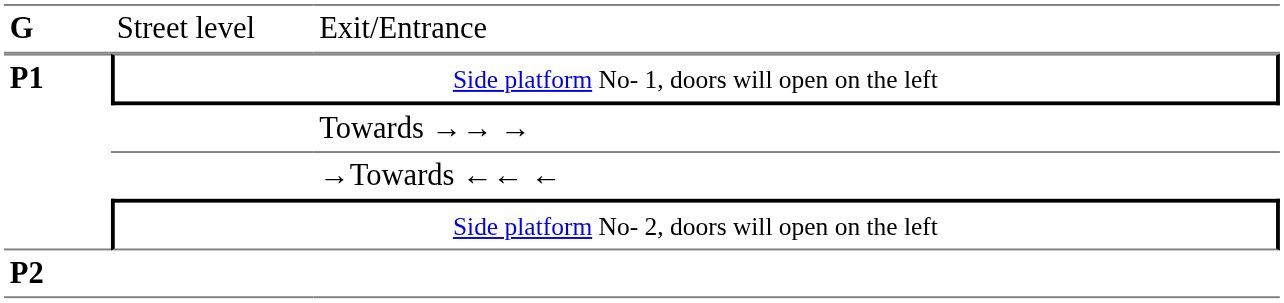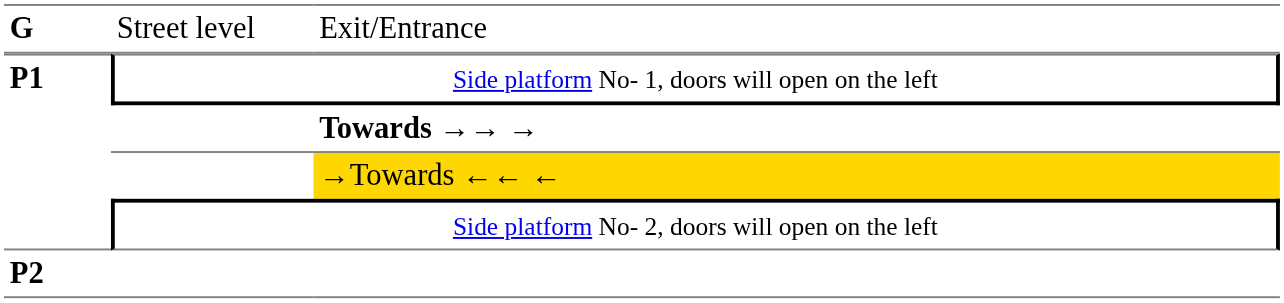 <table table border=0 cellspacing=0 cellpadding=3>
 <tr>
 <td style="border-bottom:solid 1px gray;border-top:solid 1px gray;" width=50 valign=top><strong>G</strong></td>
 <td style="border-top:solid 1px gray;border-bottom:solid 1px gray;" width=100 valign=top>Street level</td>
 <td style="border-top:solid 1px gray;border-bottom:solid 1px gray;" width=500 valign=top>Exit/Entrance</td>
 </tr>
 <tr>
 <td style="border-top:solid 1px gray;border-bottom:solid 1px gray;" width=50 rowspan=4 valign=top><strong>P1</strong></td>
 <td style="border-top:solid 1px gray;border-right:solid 2px black;border-left:solid 2px black;border-bottom:solid 2px black;text-align:center;" colspan=2><small><a href='#'>Side platform</a> No- 1, doors will open on the left </small></td>
 </tr>
 <tr>
 <td style="border-bottom:solid 1px gray;" width=100></td>
-<td style="border-bottom:solid 1px gray;" width=500>Towards →→ →</td>
+<td style="border-bottom:solid 1px gray;" width=500><strong>Towards →→ →</strong></td>
 </tr>
 <tr>
 <td></td>
-<td><span>→</span>Towards ←← ←</td>
+<td style="background: gold;"><span>→</span>Towards ←← ←</td>
 </tr>
 <tr>
 <td style="border-top:solid 2px black;border-right:solid 2px black;border-left:solid 2px black;border-bottom:solid 1px gray;text-align:center;" colspan=2><small><a href='#'>Side platform</a> No- 2, doors will open on the left </small></td>
 </tr>
 <tr>
 <td style="border-bottom:solid 1px gray;" width=50 rowspan=2 valign=top><strong>P2</strong></td>
 <td style="border-bottom:solid 1px gray;" width=100></td>
 <td style="border-bottom:solid 1px gray;" width=500></td>
 </tr>
 <tr>
 </tr>
 </table>
